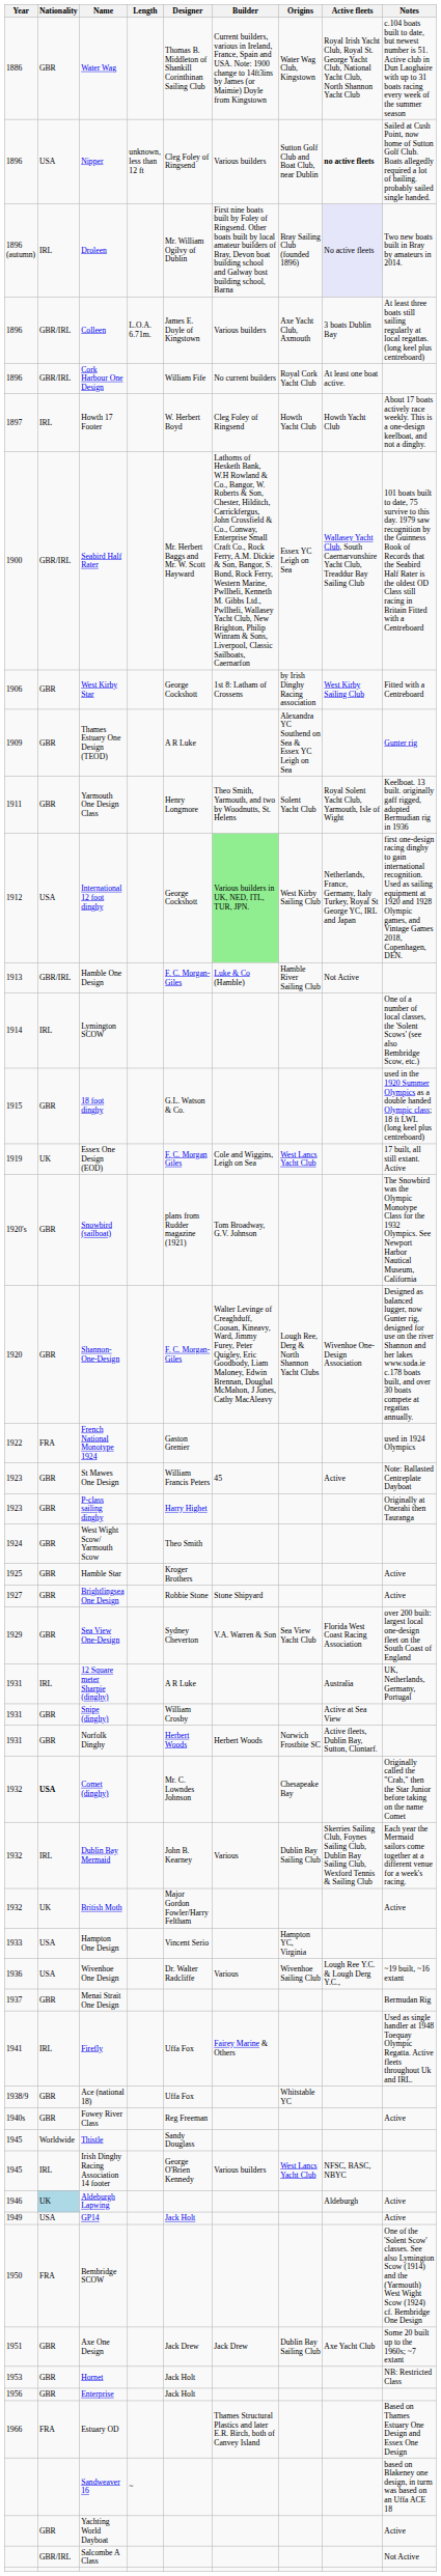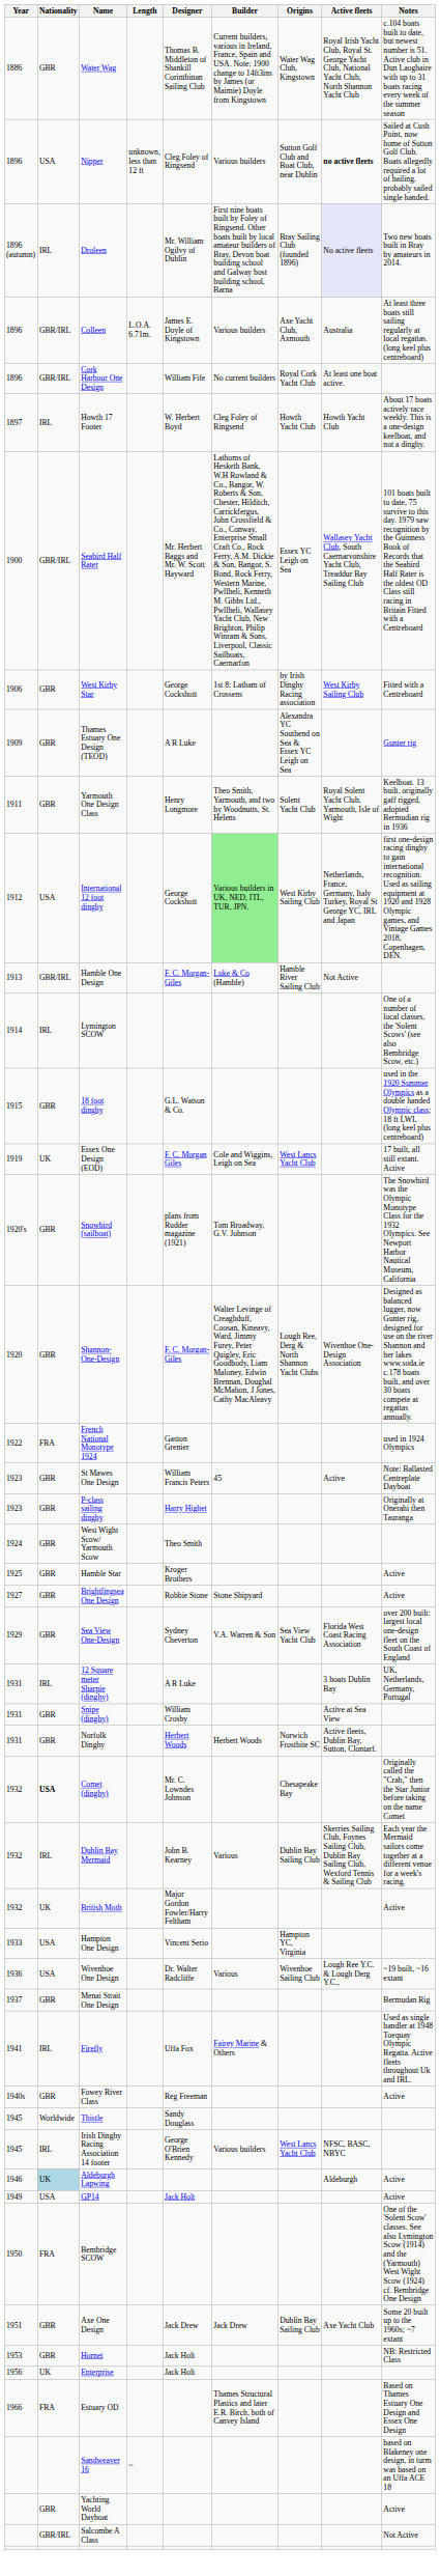 <table class="wikitable">
 <tr>
 <th>Year</th>
 <th>Nationality</th>
 <th>Name</th>
 <th>Length</th>
 <th>Designer</th>
 <th>Builder</th>
 <th>Origins</th>
 <th>Active fleets</th>
 <th>Notes</th>
 </tr>
 <tr>
 <td>1886</td>
 <td>GBR</td>
 <td><a href='#'>Water Wag</a></td>
 <td></td>
 <td>Thomas B. Middleton of Shankill Corinthinan Sailing Club</td>
 <td>Current builders, various in Ireland, France, Spain and USA. Note: 1900 change to 14ft3ins by James (or Maimie) Doyle from Kingstown</td>
 <td>Water Wag Club, Kingstown</td>
 <td>Royal Irish Yacht Club, Royal St. George Yacht Club, National Yacht Club, North Shannon Yacht Club</td>
 <td>c.104 boats built to date, but newest number is 51. Active club in Dun Laoghaire with up to 31 boats racing every week of the summer season </td>
 </tr>
 <tr>
 <td>1896</td>
 <td>USA</td>
 <td><a href='#'>Nipper</a></td>
 <td>unknown, less than 12 ft</td>
 <td>Cleg Foley of Ringsend</td>
 <td>Various builders</td>
 <td>Sutton Golf Club and Boat Club, near Dublin</td>
 <td><strong>no active fleets</strong></td>
 <td>Sailed at Cush Point, now home of Sutton Golf Club. Boats allegedly required a lot of bailing. probably sailed single handed.</td>
 </tr>
 <tr>
 <td>1896 (autumn)</td>
 <td>IRL</td>
 <td><a href='#'>Droleen</a></td>
 <td></td>
 <td>Mr. William Ogilvy of Dublin</td>
 <td>First nine boats built by Foley of Ringsend. Other boats built by local amateur builders of Bray, Devon boat building school and Galway bost building school, Barna</td>
 <td>Bray Sailing Club (founded 1896)</td>
 <td style="background: lavender;">No active fleets</td>
 <td>Two new boats built in Bray by amateurs in 2014.</td>
 </tr>
 <tr>
 <td>1896</td>
 <td>GBR/IRL</td>
 <td><a href='#'>Colleen</a></td>
 <td>L.O.A. 6.71m.</td>
 <td>James E. Doyle of Kingstown</td>
 <td>Various builders</td>
 <td>Axe Yacht Club, Axmouth</td>
-<td>3 boats Dublin Bay</td>
+<td>Australia</td>
 <td>At least three boats still sailing regularly at local regattas. (long keel plus centreboard)</td>
 </tr>
 <tr>
 <td>1896</td>
 <td>GBR/IRL</td>
 <td><a href='#'>Cork Harbour One Design</a></td>
 <td></td>
 <td>William Fife</td>
 <td>No current builders</td>
 <td>Royal Cork Yacht Club</td>
 <td>At least one boat active.</td>
 </tr>
 <tr>
 <td>1897</td>
 <td>IRL</td>
 <td>Howth 17 Footer</td>
 <td></td>
 <td>W. Herbert Boyd</td>
 <td>Cleg Foley of Ringsend</td>
 <td>Howth Yacht Club</td>
 <td>Howth Yacht Club</td>
 <td>About 17 boats actively race weekly. This is a one-design keelboat, and not a dinghy.</td>
 </tr>
 <tr>
 <td>1900</td>
 <td>GBR/IRL</td>
 <td><a href='#'>Seabird Half Rater</a></td>
 <td></td>
 <td>Mr. Herbert Baggs and Mr. W. Scott Hayward</td>
 <td>Lathoms of Hesketh Bank, W.H Rowland & Co., Bangor, W. Roberts & Son, Chester, Hilditch, Carrickfergus, John Crossfield & Co., Conway, Enterprise Small Craft Co., Rock Ferry, A.M. Dickie & Son, Bangor, S. Bond, Rock Ferry, Western Marine, Pwllheli, Kenneth M. Gibbs Ltd., Pwllheli, Wallasey Yacht Club, New Brighton, Philip Winram & Sons, Liverpool, Classic Sailboats, Caernarfon</td>
 <td>Essex YC Leigh on Sea</td>
 <td><a href='#'>Wallasey Yacht Club</a>, South Caernarvonshire Yacht Club, Treaddur Bay Sailing Club</td>
 <td>101 boats built to date, 75 survive to this day. 1979 saw recognition by the Guinness Book of Records that the Seabird Half Rater is the oldest OD Class still racing in Britain Fitted with a Centreboard</td>
 </tr>
 <tr>
 <td>1906</td>
 <td>GBR</td>
 <td><a href='#'>West Kirby Star</a></td>
 <td></td>
 <td>George Cockshott</td>
 <td>1st 8: Latham of Crossens</td>
 <td>by Irish Dinghy Racing association</td>
 <td><a href='#'>West Kirby Sailing Club</a></td>
 <td>Fitted with a Centreboard</td>
 </tr>
 <tr>
 <td>1909</td>
 <td>GBR</td>
 <td>Thames Estuary One Design (TEOD)</td>
 <td></td>
 <td>A R Luke</td>
 <td></td>
 <td>Alexandra YC Southend on Sea & Essex YC Leigh on Sea</td>
 <td></td>
 <td><a href='#'>Gunter rig</a></td>
 </tr>
 <tr>
 <td>1911</td>
 <td>GBR</td>
 <td>Yarmouth One Design Class</td>
 <td></td>
 <td>Henry Longmore</td>
 <td>Theo Smith, Yarmouth, and two by Woodnutts, St. Helens</td>
 <td>Solent Yacht Club</td>
 <td>Royal Solent Yacht Club, Yarmouth, Isle of Wight</td>
 <td>Keelboat. 13 built. originally gaff rigged, adopted Bermudian rig in 1936</td>
 </tr>
 <tr>
 <td>1912</td>
 <td>USA</td>
 <td><a href='#'>International 12 foot dinghy</a></td>
 <td></td>
 <td>George Cockshott</td>
 <td style="background: lightgreen;">Various builders in UK, NED, ITL, TUR, JPN.</td>
 <td>West Kirby Sailing Club</td>
 <td>Netherlands, France, Germany, Italy Turkey, Royal St George YC, IRL and Japan</td>
 <td>first one-design racing dinghy to gain international recognition. Used as sailing equipment at 1920 and 1928 Olympic games, and Vintage Games 2018, Copenhagen, DEN.</td>
 </tr>
 <tr>
 <td>1913</td>
 <td>GBR/IRL</td>
 <td>Hamble One Design</td>
 <td></td>
 <td><a href='#'>F. C. Morgan-Giles</a></td>
 <td><a href='#'>Luke & Co</a> (Hamble)</td>
 <td>Hamble River Sailing Club</td>
 <td>Not Active</td>
 <td></td>
 </tr>
 <tr>
 <td>1914</td>
 <td>IRL</td>
 <td>Lymington SCOW</td>
 <td></td>
 <td></td>
 <td></td>
 <td></td>
 <td></td>
 <td>One of a number of local classes, the 'Solent Scows' (see also Bembridge Scow, etc.)</td>
 </tr>
 <tr>
 <td>1915</td>
 <td>GBR</td>
 <td><a href='#'>18 foot dinghy</a></td>
 <td></td>
 <td>G.L. Watson & Co.</td>
 <td></td>
 <td></td>
 <td></td>
 <td>used in the <a href='#'>1920 Summer Olympics</a> as a double handed <a href='#'>Olympic class</a>; 18 ft LWL (long keel plus centreboard)</td>
 </tr>
 <tr>
 <td>1919</td>
 <td>UK</td>
 <td>Essex One Design (EOD)</td>
 <td></td>
 <td><a href='#'>F. C. Morgan Giles</a></td>
 <td>Cole and Wiggins, Leigh on Sea</td>
 <td><a href='#'>West Lancs Yacht Club</a></td>
 <td></td>
 <td>17 built, all still extant. Active </td>
 </tr>
 <tr>
 <td>1920's</td>
 <td>GBR</td>
 <td><a href='#'>Snowbird (sailboat)</a></td>
 <td></td>
 <td>plans from Rudder magazine (1921)</td>
 <td>Tom Broadway, G.V. Johnson</td>
 <td></td>
 <td></td>
 <td>The Snowbird was the Olympic Monotype Class for the 1932 Olympics. See  Newport Harbor Nautical Museum, California</td>
 </tr>
 <tr>
 <td>1920</td>
 <td>GBR</td>
 <td><a href='#'>Shannon-One-Design</a></td>
 <td></td>
 <td><a href='#'>F. C. Morgan-Giles</a></td>
 <td>Walter Levinge of Creaghduff, Coosan, Kineavy, Ward, Jimmy Furey, Peter Quigley, Eric Goodbody, Liam Maloney, Edwin Brennan, Doughal McMahon, J Jones, Cathy MacAleavy</td>
 <td>Lough Ree, Derg & North Shannon Yacht Clubs</td>
 <td>Wivenhoe One-Design Association</td>
 <td>Designed as balanced lugger, now Gunter rig, designed for use on the river Shannon and her lakes www.soda.ie c.178 boats built, and over 30 boats compete at regattas annually.</td>
 </tr>
 <tr>
 <td>1922</td>
 <td>FRA</td>
 <td><a href='#'>French National Monotype 1924</a></td>
 <td></td>
 <td>Gaston Grenier</td>
 <td></td>
 <td></td>
 <td></td>
 <td>used in 1924 Olympics</td>
 </tr>
 <tr>
 <td>1923</td>
 <td>GBR</td>
 <td>St Mawes One Design</td>
 <td></td>
 <td>William Francis Peters</td>
 <td>45</td>
 <td></td>
 <td>Active</td>
 <td> Note: Ballasted Centreplate Dayboat</td>
 </tr>
 <tr>
 <td>1923</td>
 <td>GBR</td>
 <td><a href='#'>P-class sailing dinghy</a></td>
 <td></td>
 <td><a href='#'>Harry Highet</a></td>
 <td></td>
 <td></td>
 <td></td>
 <td>Originally at Onerahi then  Tauranga</td>
 </tr>
 <tr>
 <td>1924</td>
 <td>GBR</td>
 <td>West Wight Scow/ Yarmouth Scow</td>
 <td></td>
 <td>Theo Smith</td>
 <td></td>
 <td></td>
 <td></td>
 <td></td>
 </tr>
 <tr>
 <td>1925</td>
 <td>GBR</td>
 <td>Hamble Star</td>
 <td></td>
 <td>Kroger Brothers</td>
 <td></td>
 <td></td>
 <td></td>
 <td>Active</td>
 </tr>
 <tr>
 <td>1927</td>
 <td>GBR</td>
 <td><a href='#'>Brightlingsea One Design</a></td>
 <td></td>
 <td>Robbie Stone</td>
 <td>Stone Shipyard</td>
 <td></td>
 <td></td>
 <td>Active</td>
 </tr>
 <tr>
 <td>1929</td>
 <td>GBR</td>
 <td><a href='#'>Sea View One-Design</a></td>
 <td></td>
 <td>Sydney Cheverton</td>
 <td>V.A. Warren & Son</td>
 <td>Sea View Yacht Club</td>
 <td>Florida West Coast Racing Association</td>
 <td>over 200 built: largest local one-design fleet on the South Coast of England</td>
 </tr>
 <tr>
 <td>1931</td>
 <td>IRL</td>
 <td><a href='#'>12 Square meter Sharpie (dinghy)</a></td>
 <td></td>
 <td>A R Luke</td>
 <td></td>
 <td></td>
-<td>Australia</td>
+<td>3 boats Dublin Bay</td>
 <td>UK, Netherlands, Germany, Portugal</td>
 </tr>
 <tr>
 <td>1931</td>
 <td>GBR</td>
 <td><a href='#'>Snipe (dinghy)</a></td>
 <td></td>
 <td>William Crosby</td>
 <td></td>
 <td></td>
 <td>Active at Sea View</td>
 <td></td>
 </tr>
 <tr>
 <td>1931</td>
 <td>GBR</td>
 <td>Norfolk Dinghy</td>
 <td></td>
 <td><a href='#'>Herbert Woods</a></td>
 <td>Herbert Woods</td>
 <td>Norwich Frostbite SC</td>
 <td>Active fleets, Dublin Bay, Sutton, Clontarf.</td>
 <td></td>
 </tr>
 <tr>
 <td>1932</td>
 <td><strong>USA</strong></td>
 <td><a href='#'>Comet (dinghy)</a></td>
 <td></td>
 <td>Mr. C. Lowndes Johnson</td>
 <td></td>
 <td>Chesapeake Bay</td>
 <td></td>
 <td>Originally called the "Crab," then the Star Junior before taking on the name Comet</td>
 </tr>
 <tr>
 <td>1932</td>
 <td>IRL</td>
 <td><a href='#'>Dublin Bay Mermaid</a></td>
 <td></td>
 <td>John B. Kearney</td>
 <td>Various</td>
 <td>Dublin Bay Sailing Club</td>
 <td>Skerries Sailing Club, Foynes Sailing Club, Dublin Bay Sailing Club, Wexford Tennis & Sailing Club</td>
 <td>Each year the Mermaid sailors come together at a different venue for a week's racing.</td>
 </tr>
 <tr>
 <td>1932</td>
 <td>UK</td>
 <td><a href='#'>British Moth</a></td>
 <td></td>
 <td>Major Gordon Fowler/Harry Feltham</td>
 <td></td>
 <td></td>
 <td></td>
 <td>Active</td>
 </tr>
 <tr>
 <td>1933</td>
 <td>USA</td>
 <td>Hampton One Design</td>
 <td></td>
 <td>Vincent Serio</td>
 <td></td>
 <td>Hampton YC, Virginia</td>
 <td></td>
 <td></td>
 </tr>
 <tr>
 <td>1936</td>
 <td>USA</td>
 <td>Wivenhoe One Design</td>
 <td></td>
 <td>Dr. Walter Radcliffe</td>
 <td>Various</td>
 <td>Wivenhoe Sailing Club</td>
 <td>Lough Ree Y.C. & Lough Derg Y.C.,</td>
 <td>~19 built, ~16 extant</td>
 </tr>
 <tr>
 <td>1937</td>
 <td>GBR</td>
 <td>Menai Strait One Design</td>
 <td></td>
 <td></td>
 <td></td>
 <td></td>
 <td></td>
 <td>Bermudan Rig </td>
 </tr>
 <tr>
 <td>1941</td>
 <td>IRL</td>
 <td><a href='#'>Firefly</a></td>
 <td></td>
 <td>Uffa Fox</td>
 <td><a href='#'>Fairey Marine</a> & Others</td>
 <td></td>
 <td></td>
 <td>Used as single handler at 1948 Toequay Olympic Regatta. Active fleets throughout Uk and IRL.</td>
 </tr>
 <tr>
-<td>1938/9</td>
-<td>GBR</td>
-<td>Ace (national 18)</td>
-<td></td>
-<td>Uffa Fox</td>
-<td></td>
-<td>Whitstable YC</td>
-<td></td>
-<td></td>
-</tr>
-<tr>
 <td>1940s</td>
 <td>GBR</td>
 <td>Fowey River Class</td>
 <td></td>
 <td>Reg Freeman</td>
 <td></td>
 <td></td>
 <td></td>
 <td>Active </td>
 </tr>
 <tr>
 <td>1945</td>
 <td>Worldwide</td>
 <td><a href='#'>Thistle</a></td>
 <td></td>
 <td>Sandy Douglass</td>
 <td></td>
 <td></td>
 <td></td>
 <td></td>
 </tr>
 <tr>
 <td>1945</td>
 <td>IRL</td>
 <td>Irish Dinghy Racing Association 14 footer</td>
 <td></td>
 <td>George O'Brien Kennedy</td>
 <td>Various builders</td>
 <td><a href='#'>West Lancs Yacht Club</a></td>
 <td>NFSC, BASC, NBYC</td>
 <td></td>
 </tr>
 <tr>
 <td>1946</td>
 <td style="background: lightblue;">UK</td>
 <td><a href='#'>Aldeburgh Lapwing</a></td>
 <td></td>
 <td></td>
 <td></td>
 <td></td>
 <td>Aldeburgh</td>
 <td>Active</td>
 </tr>
 <tr>
 <td>1949</td>
 <td>USA</td>
 <td><a href='#'>GP14</a></td>
 <td></td>
 <td><a href='#'>Jack Holt</a></td>
 <td></td>
 <td></td>
 <td></td>
 <td>Active</td>
 </tr>
 <tr>
 <td>1950</td>
 <td>FRA</td>
 <td>Bembridge SCOW</td>
 <td></td>
 <td></td>
 <td></td>
 <td></td>
 <td></td>
 <td>One of the 'Solent Scow' classes. See also Lymington Scow (1914) and the (Yarmouth) West Wight Scow (1924) cf. Bembridge One Design</td>
 </tr>
 <tr>
 <td>1951</td>
 <td>GBR</td>
 <td>Axe One Design</td>
 <td></td>
 <td>Jack Drew</td>
 <td>Jack Drew</td>
 <td>Dublin Bay Sailing Club</td>
 <td>Axe Yacht Club</td>
 <td>Some 20 built up to the 1960s; ~7 extant </td>
 </tr>
 <tr>
 <td>1953</td>
 <td>GBR</td>
 <td><a href='#'>Hornet</a></td>
 <td></td>
 <td>Jack Holt</td>
 <td></td>
 <td></td>
 <td></td>
 <td>NB: Restricted Class</td>
 </tr>
 <tr>
 <td>1956</td>
-<td>GBR</td>
+<td>UK</td>
 <td><a href='#'>Enterprise</a></td>
 <td></td>
 <td>Jack Holt</td>
 <td></td>
 <td></td>
 <td></td>
 <td></td>
 </tr>
 <tr>
 <td>1966</td>
 <td>FRA</td>
 <td>Estuary OD</td>
 <td></td>
 <td></td>
 <td>Thames Structural Plastics and later E.R. Birch, both of Canvey Island</td>
 <td></td>
 <td></td>
 <td>Based on Thames Estuary One Design and Essex One Design</td>
 </tr>
 <tr>
 <td></td>
 <td></td>
 <td><a href='#'>Sandweaver 16</a></td>
 <td>~</td>
 <td></td>
 <td></td>
 <td></td>
 <td></td>
 <td>based on Blakeney one design, in turm was based on an Uffa ACE 18</td>
 </tr>
 <tr>
 <td></td>
 <td>GBR</td>
 <td>Yachting World Dayboat</td>
 <td></td>
 <td></td>
 <td></td>
 <td></td>
 <td></td>
 <td>Active</td>
 </tr>
 <tr>
 <td></td>
 <td>GBR/IRL</td>
 <td>Salcombe A Class</td>
 <td></td>
 <td></td>
 <td></td>
 <td></td>
 <td></td>
 <td>Not Active</td>
 </tr>
 <tr>
 <td></td>
 <td></td>
 <td></td>
 <td></td>
 <td></td>
 <td></td>
 <td></td>
 <td></td>
 <td></td>
 </tr>
 </table>
